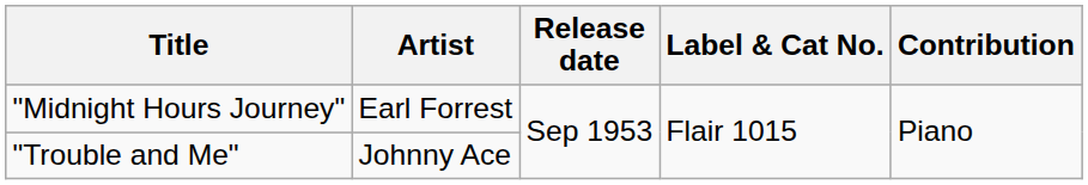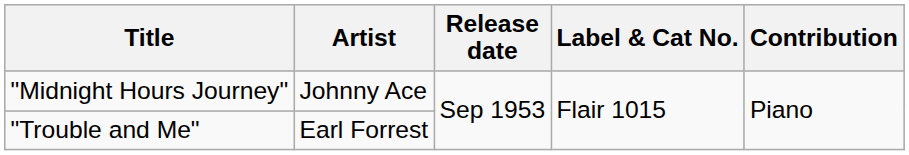 <table class="wikitable">
 <tr>
 <th>Title</th>
 <th>Artist</th>
 <th>Release<br>date</th>
 <th>Label & Cat No.</th>
 <th>Contribution</th>
 </tr>
 <tr>
 <td>"Midnight Hours Journey"</td>
-<td>Earl Forrest</td>
+<td>Johnny Ace</td>
 <td rowspan="2">Sep 1953</td>
 <td rowspan="2">Flair 1015</td>
 <td rowspan="2">Piano</td>
 </tr>
 <tr>
 <td>"Trouble and Me"</td>
-<td>Johnny Ace</td>
+<td>Earl Forrest</td>
 </tr>
 </table>
